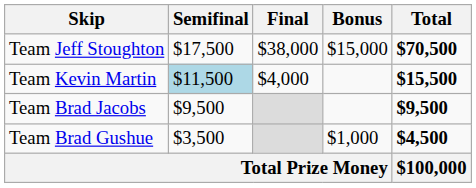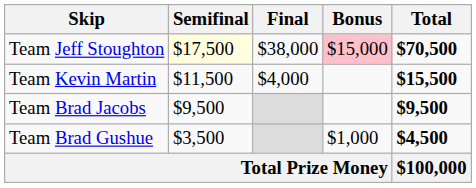 <table class="wikitable sortable">
 <tr>
 <th>Skip</th>
 <th>Semifinal</th>
 <th>Final</th>
 <th>Bonus</th>
 <th>Total</th>
 </tr>
 <tr>
 <td>Team <a href='#'>Jeff Stoughton</a></td>
-<td>$17,500</td>
+<td style="background: lightyellow;">$17,500</td>
 <td>$38,000</td>
-<td>$15,000</td>
+<td style="background: pink;">$15,000</td>
 <td><strong>$70,500</strong></td>
 </tr>
 <tr>
 <td>Team <a href='#'>Kevin Martin</a></td>
-<td style="background: lightblue;">$11,500</td>
+<td>$11,500</td>
 <td>$4,000</td>
 <td></td>
 <td><strong>$15,500</strong></td>
 </tr>
 <tr>
 <td>Team <a href='#'>Brad Jacobs</a></td>
 <td>$9,500</td>
 <td bgcolor=#DCDCDC></td>
 <td></td>
 <td><strong>$9,500</strong></td>
 </tr>
 <tr>
 <td>Team <a href='#'>Brad Gushue</a></td>
 <td>$3,500</td>
 <td bgcolor=#DCDCDC></td>
 <td>$1,000</td>
 <td><strong>$4,500</strong></td>
 </tr>
 <tr class=sortbottom>
 <th colspan=4 style="text-align:right;">Total Prize Money</th>
 <th>$100,000</th>
 </tr>
 </table>
